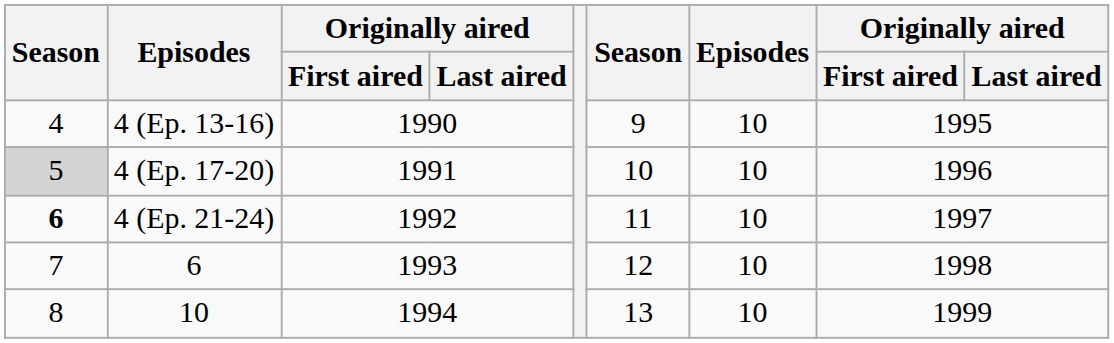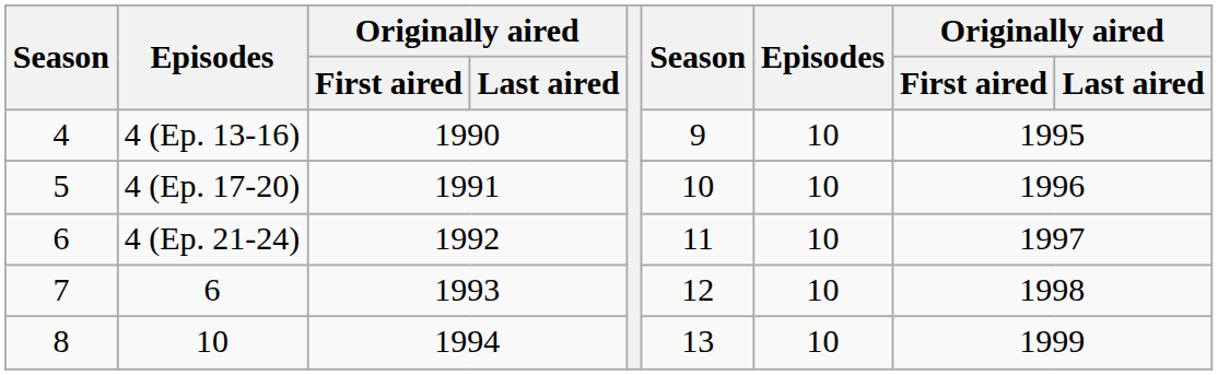 <table class="wikitable" style="text-align:center;">
 <tr>
 <th rowspan="2">Season</th>
 <th rowspan="2">Episodes</th>
 <th colspan="2">Originally aired</th>
 <th rowspan="7"></th>
 <th rowspan="2">Season</th>
 <th rowspan="2">Episodes</th>
 <th colspan="2">Originally aired</th>
 </tr>
 <tr>
 <th>First aired</th>
 <th>Last aired</th>
 <th>First aired</th>
 <th>Last aired</th>
 </tr>
 <tr>
 <td>4</td>
 <td>4 (Ep. 13-16)</td>
 <td colspan="2">1990</td>
 <td>9</td>
 <td>10</td>
 <td colspan="2">1995</td>
 </tr>
 <tr>
-<td style="background: lightgrey;">5</td>
+<td>5</td>
 <td>4 (Ep. 17-20)</td>
 <td colspan="2">1991</td>
 <td>10</td>
 <td>10</td>
 <td colspan="2">1996</td>
 </tr>
 <tr>
-<td><strong>6</strong></td>
+<td>6</td>
 <td>4 (Ep. 21-24)</td>
 <td colspan="2">1992</td>
 <td>11</td>
 <td>10</td>
 <td colspan="2">1997</td>
 </tr>
 <tr>
 <td>7</td>
 <td>6</td>
 <td colspan="2">1993</td>
 <td>12</td>
 <td>10</td>
 <td colspan="2">1998</td>
 </tr>
 <tr>
 <td>8</td>
 <td>10</td>
 <td colspan="2">1994</td>
 <td>13</td>
 <td>10</td>
 <td colspan="2">1999</td>
 </tr>
 </table>
